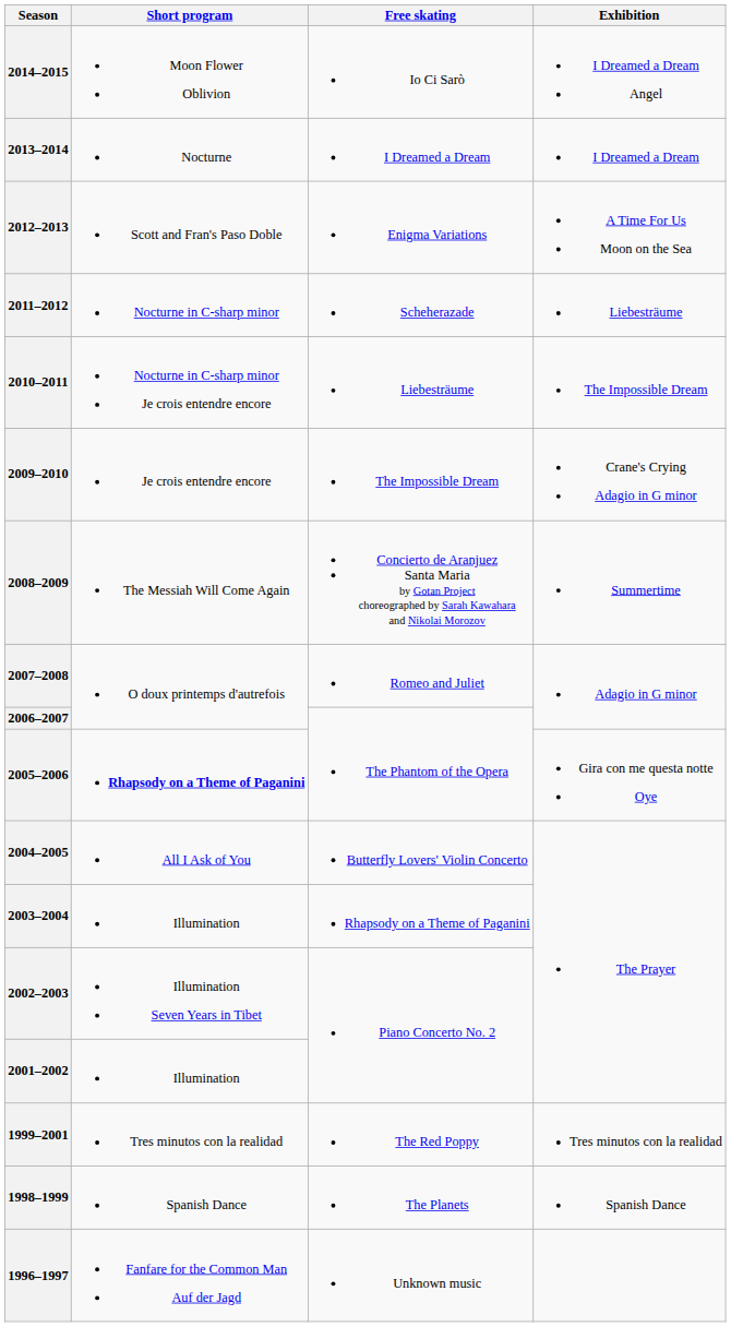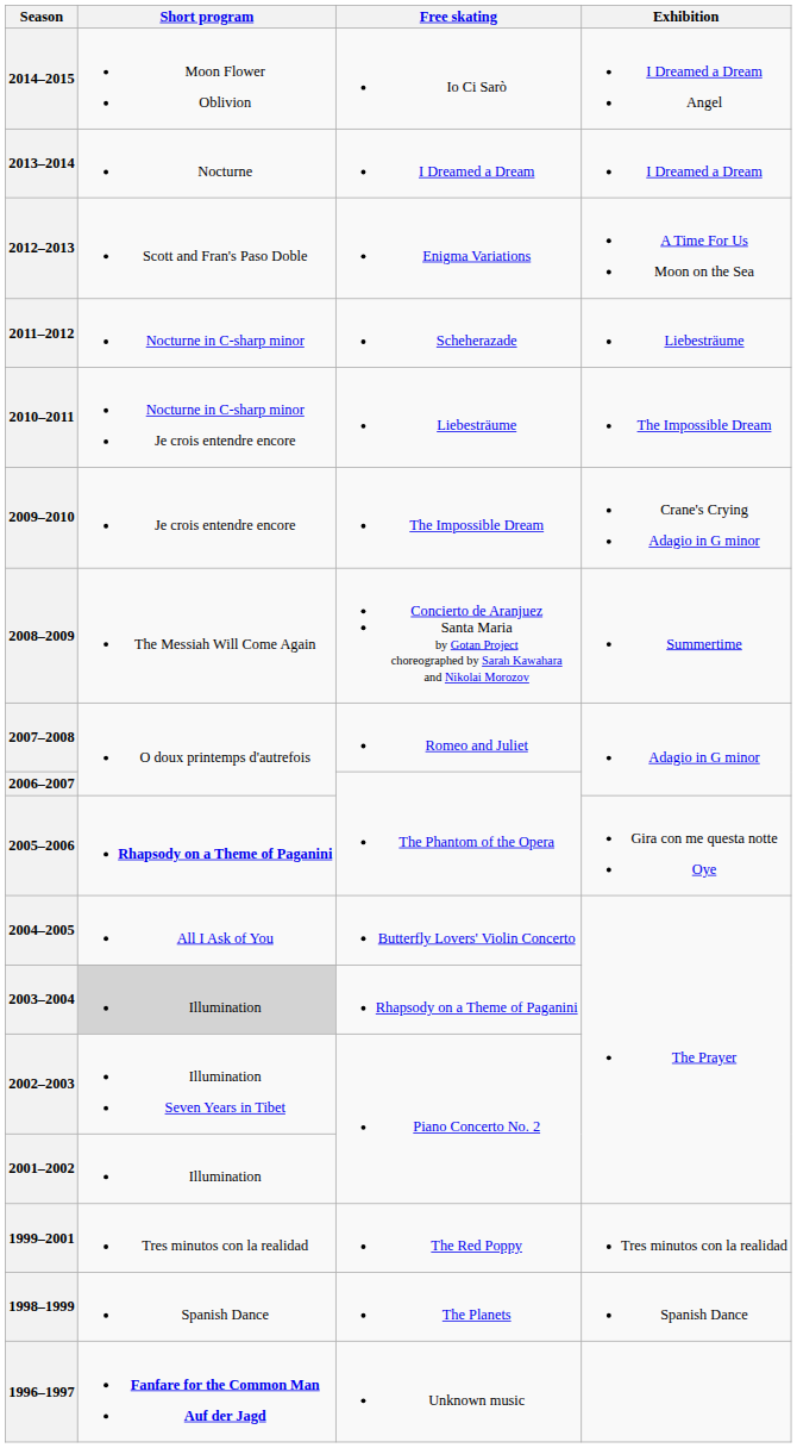 <table class= "wikitable" style="text-align:center">
 <tr>
 <th>Season</th>
 <th><a href='#'>Short program</a></th>
 <th><a href='#'>Free skating</a></th>
 <th>Exhibition</th>
 </tr>
 <tr>
 <th>2014–2015</th>
 <td><br><ul><li>Moon Flower<br></li></ul><ul><li>Oblivion<br></li></ul></td>
 <td><br><ul><li>Io Ci Sarò<br></li></ul></td>
 <td><br><ul><li><a href='#'>I Dreamed a Dream</a><br></li></ul><ul><li>Angel<br></li></ul></td>
 </tr>
 <tr>
 <th>2013–2014</th>
 <td><br><ul><li>Nocturne<br></li></ul></td>
 <td><br><ul><li><a href='#'>I Dreamed a Dream</a><br></li></ul></td>
 <td><br><ul><li><a href='#'>I Dreamed a Dream</a><br></li></ul></td>
 </tr>
 <tr>
 <th>2012–2013</th>
 <td><br><ul><li>Scott and Fran's Paso Doble<br></li></ul></td>
 <td><br><ul><li><a href='#'>Enigma Variations</a><br></li></ul></td>
 <td><br><ul><li><a href='#'>A Time For Us</a><br></li></ul><ul><li>Moon on the Sea<br></li></ul></td>
 </tr>
 <tr>
 <th>2011–2012</th>
 <td><br><ul><li><a href='#'>Nocturne in C-sharp minor</a> <br></li></ul></td>
 <td><br><ul><li><a href='#'>Scheherazade</a> <br></li></ul></td>
 <td><br><ul><li><a href='#'>Liebesträume</a> <br></li></ul></td>
 </tr>
 <tr>
 <th>2010–2011</th>
 <td><br><ul><li><a href='#'>Nocturne in C-sharp minor</a> <br></li></ul><ul><li>Je crois entendre encore<br></li></ul></td>
 <td><br><ul><li><a href='#'>Liebesträume</a> <br></li></ul></td>
 <td><br><ul><li><a href='#'>The Impossible Dream</a><br></li></ul></td>
 </tr>
 <tr>
 <th>2009–2010</th>
 <td><br><ul><li>Je crois entendre encore<br></li></ul></td>
 <td><br><ul><li><a href='#'>The Impossible Dream</a><br></li></ul></td>
 <td><br><ul><li>Crane's Crying <br></li></ul><ul><li><a href='#'>Adagio in G minor</a> <br></li></ul></td>
 </tr>
 <tr>
 <th>2008–2009</th>
 <td><br><ul><li>The Messiah Will Come Again</li></ul></td>
 <td><br><ul><li><a href='#'>Concierto de Aranjuez</a> <br></li><li>Santa Maria<br><small> by <a href='#'>Gotan Project</a> <br> choreographed by <a href='#'>Sarah Kawahara</a><br> and <a href='#'>Nikolai Morozov</a> </small></li></ul></td>
 <td><br><ul><li><a href='#'>Summertime</a> <br></li></ul></td>
 </tr>
 <tr>
 <th>2007–2008</th>
 <td rowspan=2><br><ul><li>O doux printemps d'autrefois<br></li></ul></td>
 <td><br><ul><li><a href='#'>Romeo and Juliet</a><br></li></ul></td>
 <td rowspan=2><br><ul><li><a href='#'>Adagio in G minor</a> <br></li></ul></td>
 </tr>
 <tr>
 <th>2006–2007</th>
 <td rowspan=2><br><ul><li><a href='#'>The Phantom of the Opera</a><br></li></ul></td>
 </tr>
 <tr>
 <th>2005–2006</th>
 <td><strong><br><ul><li><a href='#'>Rhapsody on a Theme of Paganini</a><br></li></ul></strong></td>
 <td><br><ul><li>Gira con me questa notte<br></li></ul><ul><li><a href='#'>Oye</a> <br></li></ul></td>
 </tr>
 <tr>
 <th>2004–2005</th>
 <td><br><ul><li><a href='#'>All I Ask of You</a><br></li></ul></td>
 <td><br><ul><li><a href='#'>Butterfly Lovers' Violin Concerto</a> <br></li></ul></td>
 <td rowspan=4><br><ul><li><a href='#'>The Prayer</a> <br></li></ul></td>
 </tr>
 <tr>
 <th>2003–2004</th>
-<td><br><ul><li>Illumination<br></li></ul></td>
+<td style="background: lightgrey;"><br><ul><li>Illumination<br></li></ul></td>
 <td><br><ul><li><a href='#'>Rhapsody on a Theme of Paganini</a><br></li></ul></td>
 </tr>
 <tr>
 <th>2002–2003</th>
 <td><br><ul><li>Illumination<br></li></ul><ul><li><a href='#'>Seven Years in Tibet</a><br></li></ul></td>
 <td rowspan=2><br><ul><li><a href='#'>Piano Concerto No. 2</a> <br></li></ul></td>
 </tr>
 <tr>
 <th>2001–2002</th>
 <td><br><ul><li>Illumination<br></li></ul></td>
 </tr>
 <tr>
 <th>1999–2001</th>
 <td><br><ul><li>Tres minutos con la realidad<br></li></ul></td>
 <td><br><ul><li><a href='#'>The Red Poppy</a><br></li></ul></td>
 <td><br><ul><li>Tres minutos con la realidad<br></li></ul></td>
 </tr>
 <tr>
 <th>1998–1999</th>
 <td><br><ul><li>Spanish Dance<br></li></ul></td>
 <td><br><ul><li><a href='#'>The Planets</a><br></li></ul></td>
 <td><br><ul><li>Spanish Dance<br></li></ul></td>
 </tr>
 <tr>
 <th>1996–1997</th>
-<td><br><ul><li><a href='#'>Fanfare for the Common Man</a> <br></li></ul><ul><li><a href='#'>Auf der Jagd</a> <br></li></ul></td>
+<td><strong><br><ul><li><a href='#'>Fanfare for the Common Man</a> <br></li></ul><ul><li><a href='#'>Auf der Jagd</a> <br></li></ul></strong></td>
 <td><br><ul><li>Unknown music</li></ul></td>
 <td></td>
 </tr>
 </table>
